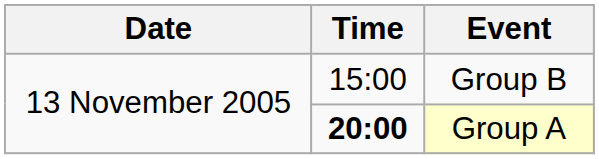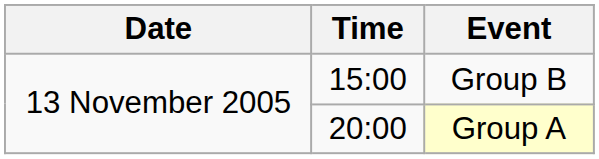 <table class = "wikitable" style="text-align:center;">
 <tr>
 <th width=150>Date</th>
 <th width=50>Time</th>
 <th width=80>Event</th>
 </tr>
 <tr>
 <td rowspan=2>13 November 2005</td>
 <td>15:00</td>
 <td>Group B</td>
 </tr>
 <tr>
-<td><strong>20:00</strong></td>
+<td>20:00</td>
 <td bgcolor=ffffcc>Group A</td>
 </tr>
 </table>
